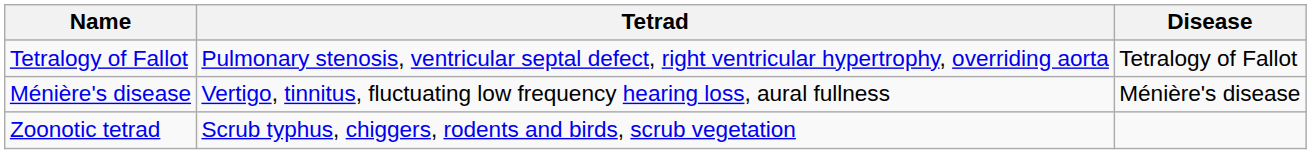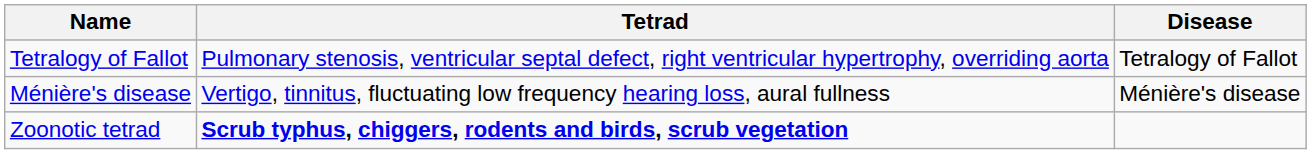 <table class="wikitable sortable collapsible" ">
 <tr style="text-align: left; background:#f0f0f0;">
 <th scope="col">Name</th>
 <th scope="col">Tetrad</th>
 <th scope="col">Disease</th>
 </tr>
 <tr>
 <td><a href='#'>Tetralogy of Fallot</a></td>
 <td><a href='#'>Pulmonary stenosis</a>, <a href='#'>ventricular septal defect</a>, <a href='#'>right ventricular hypertrophy</a>, <a href='#'>overriding aorta</a></td>
 <td>Tetralogy of Fallot</td>
 </tr>
 <tr>
 <td><a href='#'>Ménière's disease</a></td>
 <td><a href='#'>Vertigo</a>, <a href='#'>tinnitus</a>, fluctuating low frequency <a href='#'>hearing loss</a>, aural fullness</td>
 <td>Ménière's disease</td>
 </tr>
 <tr>
 <td><a href='#'>Zoonotic tetrad</a></td>
-<td><a href='#'>Scrub typhus</a>, <a href='#'>chiggers</a>, <a href='#'>rodents and birds</a>, <a href='#'>scrub vegetation</a></td>
+<td><strong><a href='#'>Scrub typhus</a>, <a href='#'>chiggers</a>, <a href='#'>rodents and birds</a>, <a href='#'>scrub vegetation</a></strong></td>
 </tr>
 </table>
